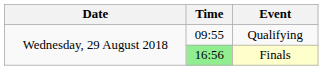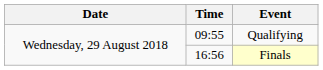 <table class = "wikitable" style="text-align:center;">
 <tr>
 <th width=220>Date</th>
 <th width=50>Time</th>
 <th width=100>Event</th>
 </tr>
 <tr>
 <td rowspan=2>Wednesday, 29 August 2018</td>
 <td>09:55</td>
 <td>Qualifying</td>
 </tr>
 <tr>
-<td style="background: lightgreen;">16:56</td>
+<td>16:56</td>
 <td bgcolor=ffffcc>Finals</td>
 </tr>
 </table>
